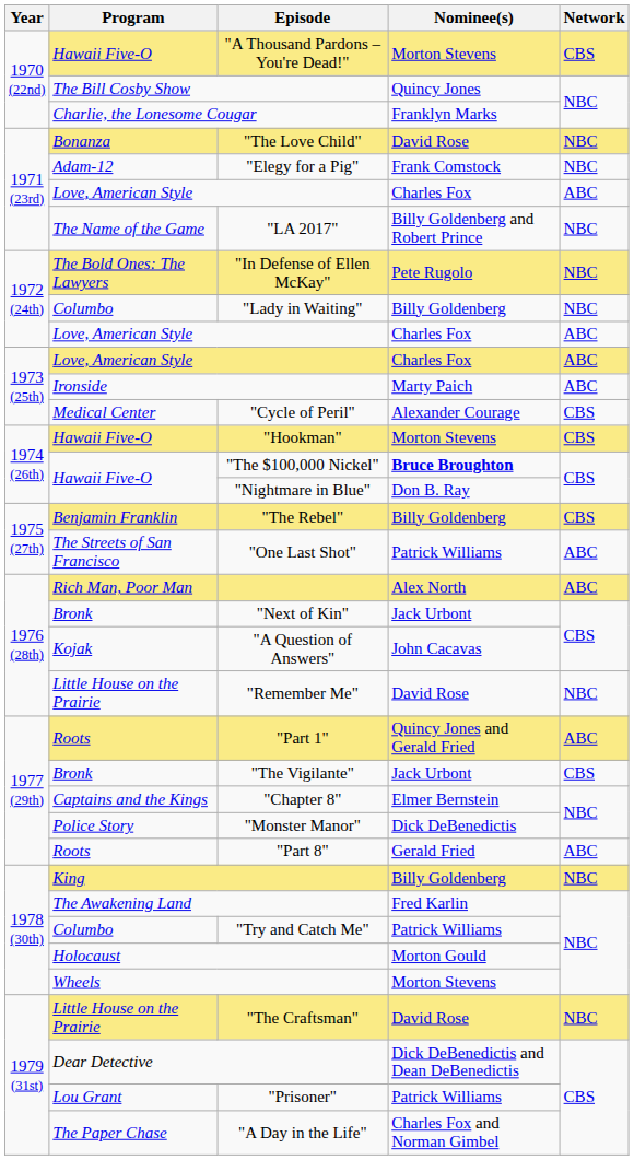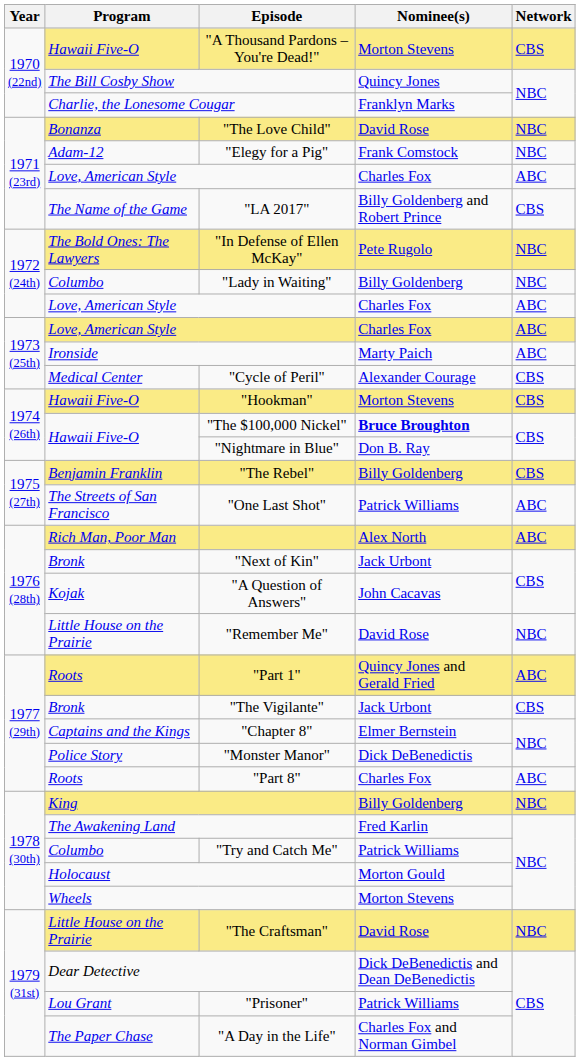 <table class="wikitable">
 <tr>
 <th width="5%">Year</th>
 <th width="30%">Program</th>
 <th width="30%">Episode</th>
 <th width="30%">Nominee(s)</th>
 <th width="5%">Network</th>
 </tr>
 <tr>
 <td rowspan="3" style="text-align:center;"><a href='#'>1970</a><br><small><a href='#'>(22nd)</a></small></td>
 <td style="background:#FAEB86;"><em><a href='#'>Hawaii Five-O</a></em></td>
 <td style="background:#FAEB86;" align=center>"A Thousand Pardons – You're Dead!"</td>
 <td style="background:#FAEB86;"><a href='#'>Morton Stevens</a></td>
 <td style="background:#FAEB86;"><a href='#'>CBS</a></td>
 </tr>
 <tr>
 <td colspan=2><em><a href='#'>The Bill Cosby Show</a></em></td>
 <td><a href='#'>Quincy Jones</a></td>
 <td rowspan=2><a href='#'>NBC</a></td>
 </tr>
 <tr>
 <td colspan=2><em><a href='#'>Charlie, the Lonesome Cougar</a></em></td>
 <td><a href='#'>Franklyn Marks</a></td>
 </tr>
 <tr>
 <td rowspan="4" style="text-align:center;"><a href='#'>1971</a><br><small><a href='#'>(23rd)</a></small></td>
 <td style="background:#FAEB86;"><em><a href='#'>Bonanza</a></em></td>
 <td style="background:#FAEB86;" align=center>"The Love Child"</td>
 <td style="background:#FAEB86;"><a href='#'>David Rose</a></td>
 <td style="background:#FAEB86;"><a href='#'>NBC</a></td>
 </tr>
 <tr>
 <td><em><a href='#'>Adam-12</a></em></td>
 <td align=center>"Elegy for a Pig"</td>
 <td><a href='#'>Frank Comstock</a></td>
 <td><a href='#'>NBC</a></td>
 </tr>
 <tr>
 <td colspan=2><em><a href='#'>Love, American Style</a></em></td>
 <td><a href='#'>Charles Fox</a></td>
 <td><a href='#'>ABC</a></td>
 </tr>
 <tr>
 <td><em><a href='#'>The Name of the Game</a></em></td>
 <td align=center>"LA 2017"</td>
 <td><a href='#'>Billy Goldenberg</a> and <a href='#'>Robert Prince</a></td>
-<td><a href='#'>NBC</a></td>
+<td><a href='#'>CBS</a></td>
 </tr>
 <tr>
 <td rowspan="3" style="text-align:center;"><a href='#'>1972</a><br><small><a href='#'>(24th)</a></small></td>
 <td style="background:#FAEB86;"><em><a href='#'>The Bold Ones: The Lawyers</a></em></td>
 <td style="background:#FAEB86;" align=center>"In Defense of Ellen McKay"</td>
 <td style="background:#FAEB86;"><a href='#'>Pete Rugolo</a></td>
 <td style="background:#FAEB86;"><a href='#'>NBC</a></td>
 </tr>
 <tr>
 <td><em><a href='#'>Columbo</a></em></td>
 <td align=center>"Lady in Waiting"</td>
 <td><a href='#'>Billy Goldenberg</a></td>
 <td><a href='#'>NBC</a></td>
 </tr>
 <tr>
 <td colspan=2><em><a href='#'>Love, American Style</a></em></td>
 <td><a href='#'>Charles Fox</a></td>
 <td><a href='#'>ABC</a></td>
 </tr>
 <tr>
 <td rowspan="3" style="text-align:center;"><a href='#'>1973</a><br><small><a href='#'>(25th)</a></small></td>
 <td style="background:#FAEB86;" colspan=2><em><a href='#'>Love, American Style</a></em></td>
 <td style="background:#FAEB86;"><a href='#'>Charles Fox</a></td>
 <td style="background:#FAEB86;"><a href='#'>ABC</a></td>
 </tr>
 <tr>
 <td colspan=2><em><a href='#'>Ironside</a></em></td>
 <td><a href='#'>Marty Paich</a></td>
 <td><a href='#'>ABC</a></td>
 </tr>
 <tr>
 <td><em><a href='#'>Medical Center</a></em></td>
 <td align=center>"Cycle of Peril"</td>
 <td><a href='#'>Alexander Courage</a></td>
 <td><a href='#'>CBS</a></td>
 </tr>
 <tr>
 <td rowspan="3" style="text-align:center;"><a href='#'>1974</a><br><small><a href='#'>(26th)</a></small></td>
 <td style="background:#FAEB86;"><em><a href='#'>Hawaii Five-O</a></em></td>
 <td style="background:#FAEB86;" align=center>"Hookman"</td>
 <td style="background:#FAEB86;"><a href='#'>Morton Stevens</a></td>
 <td style="background:#FAEB86;"><a href='#'>CBS</a></td>
 </tr>
 <tr>
 <td rowspan=2><em><a href='#'>Hawaii Five-O</a></em></td>
 <td align=center>"The $100,000 Nickel"</td>
 <td><strong><a href='#'>Bruce Broughton</a></strong></td>
 <td rowspan=2><a href='#'>CBS</a></td>
 </tr>
 <tr>
 <td align=center>"Nightmare in Blue"</td>
 <td><a href='#'>Don B. Ray</a></td>
 </tr>
 <tr>
 <td rowspan="2" style="text-align:center;"><a href='#'>1975</a><br><small><a href='#'>(27th)</a></small></td>
 <td style="background:#FAEB86;"><em><a href='#'>Benjamin Franklin</a></em></td>
 <td style="background:#FAEB86;" align=center>"The Rebel"</td>
 <td style="background:#FAEB86;"><a href='#'>Billy Goldenberg</a></td>
 <td style="background:#FAEB86;"><a href='#'>CBS</a></td>
 </tr>
 <tr>
 <td><em><a href='#'>The Streets of San Francisco</a></em></td>
 <td align=center>"One Last Shot"</td>
 <td><a href='#'>Patrick Williams</a></td>
 <td><a href='#'>ABC</a></td>
 </tr>
 <tr>
 <td rowspan="4" style="text-align:center;"><a href='#'>1976</a><br><small><a href='#'>(28th)</a></small></td>
 <td style="background:#FAEB86;"><em><a href='#'>Rich Man, Poor Man</a></em></td>
 <td style="background:#FAEB86;"></td>
 <td style="background:#FAEB86;"><a href='#'>Alex North</a></td>
 <td style="background:#FAEB86;"><a href='#'>ABC</a></td>
 </tr>
 <tr>
 <td><em><a href='#'>Bronk</a></em></td>
 <td align=center>"Next of Kin"</td>
 <td><a href='#'>Jack Urbont</a></td>
 <td rowspan=2><a href='#'>CBS</a></td>
 </tr>
 <tr>
 <td><em><a href='#'>Kojak</a></em></td>
 <td align=center>"A Question of Answers"</td>
 <td><a href='#'>John Cacavas</a></td>
 </tr>
 <tr>
 <td><em><a href='#'>Little House on the Prairie</a></em></td>
 <td align=center>"Remember Me"</td>
 <td><a href='#'>David Rose</a></td>
 <td><a href='#'>NBC</a></td>
 </tr>
 <tr>
 <td rowspan="5" style="text-align:center;"><a href='#'>1977</a><br><small><a href='#'>(29th)</a></small></td>
 <td style="background:#FAEB86;"><em><a href='#'>Roots</a></em></td>
 <td style="background:#FAEB86;" align=center>"Part 1"</td>
 <td style="background:#FAEB86;"><a href='#'>Quincy Jones</a> and <a href='#'>Gerald Fried</a></td>
 <td style="background:#FAEB86;"><a href='#'>ABC</a></td>
 </tr>
 <tr>
 <td><em><a href='#'>Bronk</a></em></td>
 <td align=center>"The Vigilante"</td>
 <td><a href='#'>Jack Urbont</a></td>
 <td><a href='#'>CBS</a></td>
 </tr>
 <tr>
 <td><em><a href='#'>Captains and the Kings</a></em></td>
 <td align=center>"Chapter 8"</td>
 <td><a href='#'>Elmer Bernstein</a></td>
 <td rowspan=2><a href='#'>NBC</a></td>
 </tr>
 <tr>
 <td><em><a href='#'>Police Story</a></em></td>
 <td align=center>"Monster Manor"</td>
 <td><a href='#'>Dick DeBenedictis</a></td>
 </tr>
 <tr>
 <td><em><a href='#'>Roots</a></em></td>
 <td align=center>"Part 8"</td>
-<td><a href='#'>Gerald Fried</a></td>
+<td><a href='#'>Charles Fox</a></td>
 <td><a href='#'>ABC</a></td>
 </tr>
 <tr>
 <td rowspan="5" style="text-align:center;"><a href='#'>1978</a><br><small><a href='#'>(30th)</a></small></td>
 <td style="background:#FAEB86;" colspan=2><em><a href='#'>King</a></em></td>
 <td style="background:#FAEB86;"><a href='#'>Billy Goldenberg</a></td>
 <td style="background:#FAEB86;"><a href='#'>NBC</a></td>
 </tr>
 <tr>
 <td colspan=2><em><a href='#'>The Awakening Land</a></em></td>
 <td><a href='#'>Fred Karlin</a></td>
 <td rowspan=4><a href='#'>NBC</a></td>
 </tr>
 <tr>
 <td><em><a href='#'>Columbo</a></em></td>
 <td align=center>"Try and Catch Me"</td>
 <td><a href='#'>Patrick Williams</a></td>
 </tr>
 <tr>
 <td colspan=2><em><a href='#'>Holocaust</a></em></td>
 <td><a href='#'>Morton Gould</a></td>
 </tr>
 <tr>
 <td colspan=2><em><a href='#'>Wheels</a></em></td>
 <td><a href='#'>Morton Stevens</a></td>
 </tr>
 <tr>
 <td rowspan="4" style="text-align:center;"><a href='#'>1979</a><br><small><a href='#'>(31st)</a></small></td>
 <td style="background:#FAEB86;"><em><a href='#'>Little House on the Prairie</a></em></td>
 <td style="background:#FAEB86;" align=center>"The Craftsman"</td>
 <td style="background:#FAEB86;"><a href='#'>David Rose</a></td>
 <td style="background:#FAEB86;"><a href='#'>NBC</a></td>
 </tr>
 <tr>
 <td colspan=2><em>Dear Detective</em></td>
 <td><a href='#'>Dick DeBenedictis</a> and <a href='#'>Dean DeBenedictis</a></td>
 <td rowspan=3><a href='#'>CBS</a></td>
 </tr>
 <tr>
 <td><em><a href='#'>Lou Grant</a></em></td>
 <td align=center>"Prisoner"</td>
 <td><a href='#'>Patrick Williams</a></td>
 </tr>
 <tr>
 <td><em><a href='#'>The Paper Chase</a></em></td>
 <td align=center>"A Day in the Life"</td>
 <td><a href='#'>Charles Fox</a> and <a href='#'>Norman Gimbel</a></td>
 </tr>
 </table>
